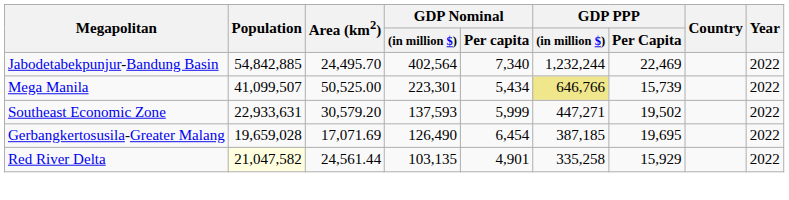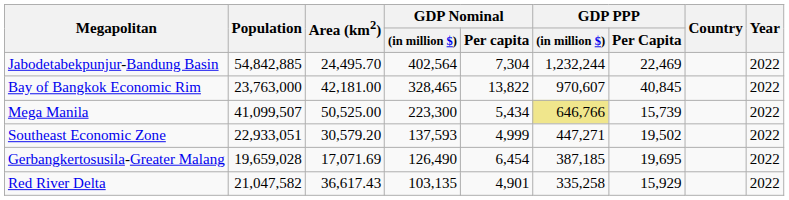 <table class="wikitable sortable sticky-header-multi static-row-numbers" style="text-align:center;">
 <tr>
 <th rowspan="2">Megapolitan</th>
 <th rowspan="2">Population</th>
 <th rowspan="2">Area (km<sup>2</sup>)</th>
 <th scope="col" colspan="2">GDP Nominal</th>
 <th scope="col" colspan="2">GDP PPP</th>
 <th rowspan="2">Country</th>
 <th rowspan="2">Year</th>
 </tr>
 <tr>
 <th scope="col"><small>(in million <a href='#'>$</a>)</small></th>
 <th>Per capita</th>
 <th scope="col"><small>(in million <a href='#'>$</a>)</small></th>
 <th>Per Capita</th>
 </tr>
 <tr>
 <td ! scope="row" style="text-align: left; font-weight: normal;"><a href='#'>Jabodetabekpunjur</a>-<a href='#'>Bandung Basin</a></td>
 <td align="right">54,842,885</td>
 <td align=right>24,495.70</td>
 <td align=right>402,564</td>
-<td align=right>7,340</td>
+<td align=right>7,304</td>
 <td align=right>1,232,244</td>
 <td align=right>22,469</td>
+<td></td>
+<td align=right>2022</td>
+</tr>
+<tr>
+<td ! scope="row" style="text-align: left; font-weight: normal;"><a href='#'>Bay of Bangkok Economic Rim</a></td>
+<td align=right>23,763,000</td>
+<td align=right>42,181.00</td>
+<td align=right>328,465</td>
+<td align=right>13,822</td>
+<td align=right>970,607</td>
+<td align=right>40,845</td>
 <td></td>
 <td align=right>2022</td>
 </tr>
 <tr>
 <td ! scope="row" style="text-align: left; font-weight: normal;"><a href='#'>Mega Manila</a></td>
 <td align=right>41,099,507</td>
 <td align=right>50,525.00</td>
-<td align=right>223,301</td>
+<td align=right>223,300</td>
 <td align=right>5,434</td>
 <td align=right style="background: khaki;">646,766</td>
 <td align=right>15,739</td>
 <td></td>
 <td align=right>2022</td>
 </tr>
 <tr>
 <td ! scope="row" style="text-align: left; font-weight: normal;"><a href='#'>Southeast Economic Zone</a></td>
-<td align=right>22,933,631</td>
+<td align=right>22,933,051</td>
 <td align=right>30,579.20</td>
 <td align=right>137,593</td>
-<td align=right>5,999</td>
+<td align=right>4,999</td>
 <td align=right>447,271</td>
 <td align=right>19,502</td>
 <td></td>
 <td align=right>2022</td>
 </tr>
 <tr>
 <td ! scope="row" style="text-align: left; font-weight: normal;"><a href='#'>Gerbangkertosusila</a>-<a href='#'>Greater Malang</a></td>
 <td align=right>19,659,028</td>
 <td align=right>17,071.69</td>
 <td align=right>126,490</td>
 <td align=right>6,454</td>
 <td align=right>387,185</td>
 <td align=right>19,695</td>
 <td></td>
 <td align=right>2022</td>
 </tr>
 <tr>
 <td ! scope="row" style="text-align: left; font-weight: normal;"><a href='#'>Red River Delta</a></td>
-<td align=right style="background: lightyellow;">21,047,582</td>
-<td align=right>24,561.44</td>
+<td align=right>21,047,582</td>
+<td align=right>36,617.43</td>
 <td align=right>103,135</td>
 <td align=right>4,901</td>
 <td align=right>335,258</td>
 <td align=right>15,929</td>
 <td></td>
 <td align=right>2022</td>
 </tr>
 </table>
